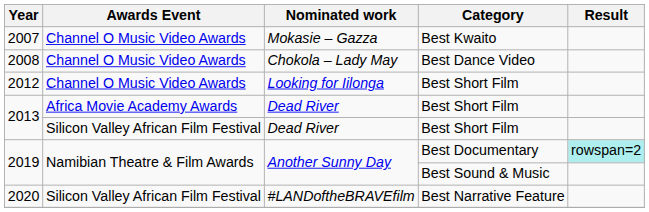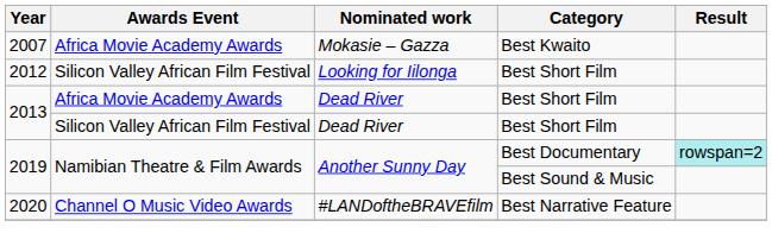 <table class="wikitable sortable">
 <tr>
 <th>Year</th>
 <th>Awards Event</th>
 <th>Nominated work</th>
 <th>Category</th>
 <th>Result</th>
 </tr>
 <tr>
 <td>2007</td>
-<td><a href='#'>Channel O Music Video Awards</a></td>
+<td><a href='#'>Africa Movie Academy Awards</a></td>
 <td><em>Mokasie – Gazza</em></td>
 <td>Best Kwaito</td>
 <td></td>
 </tr>
 <tr>
-<td>2008</td>
-<td><a href='#'>Channel O Music Video Awards</a></td>
-<td><em>Chokola – Lady May</em></td>
-<td>Best Dance Video</td>
-<td></td>
-</tr>
-<tr>
 <td>2012</td>
-<td><a href='#'>Channel O Music Video Awards</a></td>
+<td>Silicon Valley African Film Festival</td>
 <td><em><a href='#'>Looking for Iilonga</a></em></td>
 <td>Best Short Film</td>
 <td></td>
 </tr>
 <tr>
 <td rowspan=2>2013</td>
 <td><a href='#'>Africa Movie Academy Awards</a></td>
 <td><em><a href='#'>Dead River</a></em></td>
 <td>Best Short Film</td>
 <td></td>
 </tr>
 <tr>
 <td>Silicon Valley African Film Festival</td>
 <td><em>Dead River</em></td>
 <td>Best Short Film</td>
 <td></td>
 </tr>
 <tr>
 <td rowspan=2>2019</td>
 <td rowspan=2>Namibian Theatre & Film Awards</td>
 <td rowspan=2><em><a href='#'>Another Sunny Day</a></em></td>
 <td>Best Documentary</td>
 <td style="background: paleturquoise;">rowspan=2 </td>
 </tr>
 <tr>
 <td>Best Sound & Music</td>
 </tr>
 <tr>
 <td>2020</td>
-<td>Silicon Valley African Film Festival</td>
+<td><a href='#'>Channel O Music Video Awards</a></td>
 <td><em>#LANDoftheBRAVEfilm</em></td>
 <td>Best Narrative Feature</td>
 <td></td>
 </tr>
 <tr>
 </tr>
 </table>
